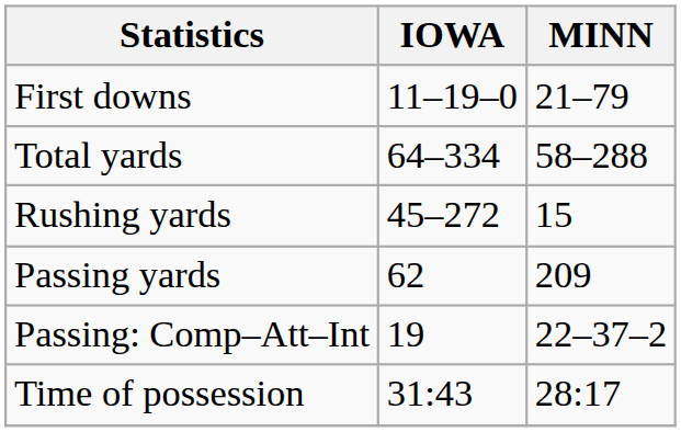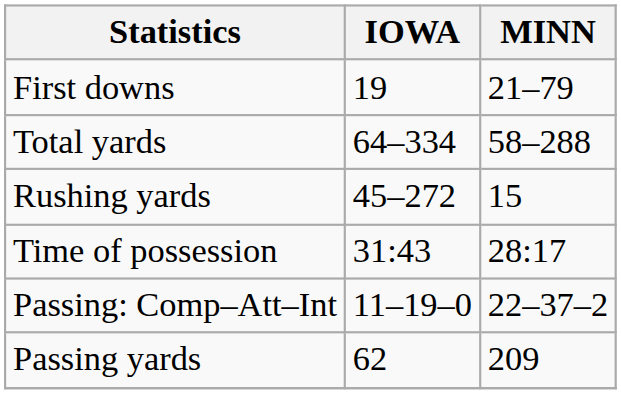 <table class="wikitable" style="float: left;">
 <tr>
 <th>Statistics</th>
 <th>IOWA</th>
 <th>MINN</th>
 </tr>
 <tr>
 <td>First downs</td>
-<td>11–19–0</td>
+<td>19</td>
 <td>21–79</td>
 </tr>
 <tr>
 <td>Total yards</td>
 <td>64–334</td>
 <td>58–288</td>
 </tr>
 <tr>
 <td>Rushing yards</td>
 <td>45–272</td>
 <td>15</td>
 </tr>
 <tr>
+<td>Time of possession</td>
+<td>31:43</td>
+<td>28:17</td>
+</tr>
+<tr>
+<td>Passing: Comp–Att–Int</td>
+<td>11–19–0</td>
+<td>22–37–2</td>
+</tr>
+<tr>
 <td>Passing yards</td>
 <td>62</td>
 <td>209</td>
 </tr>
 <tr>
-<td>Passing: Comp–Att–Int</td>
-<td>19</td>
-<td>22–37–2</td>
-</tr>
-<tr>
-<td>Time of possession</td>
-<td>31:43</td>
-<td>28:17</td>
-</tr>
-<tr>
 </tr>
 </table>
